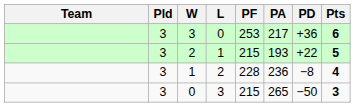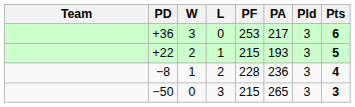 <table class=wikitable style="text-align:center">
 <tr>
 <th width=180>Team</th>
-<th width=30>Pld</th>
+<th width=30>PD</th>
 <th width=30>W</th>
 <th width=30>L</th>
 <th width=30>PF</th>
 <th width=30>PA</th>
-<th width=30>PD</th>
+<th width=30>Pld</th>
 <th width=30>Pts</th>
 </tr>
 <tr bgcolor="#ccffcc">
 <td align=left></td>
-<td>3</td>
+<td>+36</td>
 <td>3</td>
 <td>0</td>
 <td>253</td>
 <td>217</td>
-<td>+36</td>
+<td>3</td>
 <td><strong>6</strong></td>
 </tr>
 <tr bgcolor="#ccffcc">
 <td align=left></td>
-<td>3</td>
+<td>+22</td>
 <td>2</td>
 <td>1</td>
 <td>215</td>
 <td>193</td>
-<td>+22</td>
+<td>3</td>
 <td><strong>5</strong></td>
 </tr>
 <tr align=center>
 <td align=left></td>
-<td>3</td>
+<td>−8</td>
 <td>1</td>
 <td>2</td>
 <td>228</td>
 <td>236</td>
-<td>−8</td>
+<td>3</td>
 <td><strong>4</strong></td>
 </tr>
 <tr align=center>
 <td align=left></td>
-<td>3</td>
+<td>−50</td>
 <td>0</td>
 <td>3</td>
 <td>215</td>
 <td>265</td>
-<td>−50</td>
+<td>3</td>
 <td><strong>3</strong></td>
 </tr>
 </table>
